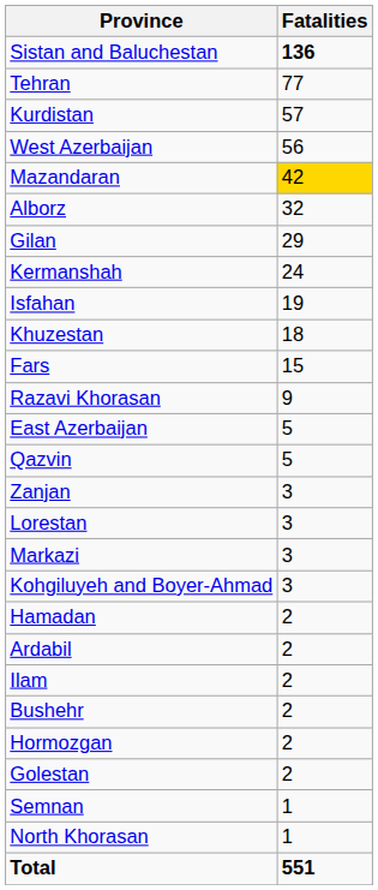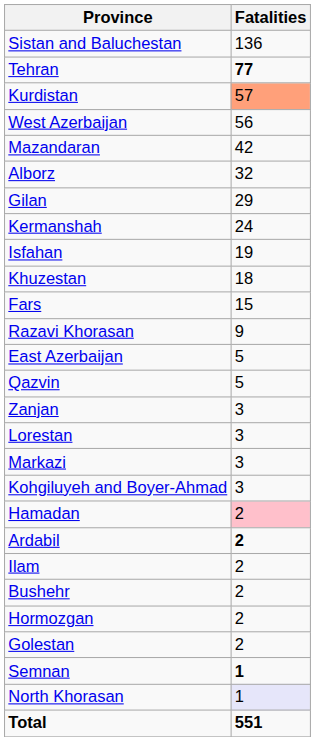 <table class="wikitable sortable mw-collapsible mw-collapsed">
 <tr>
 <th>Province</th>
 <th>Fatalities</th>
 </tr>
 <tr>
 <td><a href='#'>Sistan and Baluchestan</a></td>
-<td><strong>136</strong></td>
+<td>136</td>
 </tr>
 <tr>
 <td><a href='#'>Tehran</a></td>
-<td>77</td>
+<td><strong>77</strong></td>
 </tr>
 <tr>
 <td><a href='#'>Kurdistan</a></td>
-<td>57</td>
+<td style="background: lightsalmon;">57</td>
 </tr>
 <tr>
 <td><a href='#'>West Azerbaijan</a></td>
 <td>56</td>
 </tr>
 <tr>
 <td><a href='#'>Mazandaran</a></td>
-<td style="background: gold;">42</td>
+<td>42</td>
 </tr>
 <tr>
 <td><a href='#'>Alborz</a></td>
 <td>32</td>
 </tr>
 <tr>
 <td><a href='#'>Gilan</a></td>
 <td>29</td>
 </tr>
 <tr>
 <td><a href='#'>Kermanshah</a></td>
 <td>24</td>
 </tr>
 <tr>
 <td><a href='#'>Isfahan</a></td>
 <td>19</td>
 </tr>
 <tr>
 <td><a href='#'>Khuzestan</a></td>
 <td>18</td>
 </tr>
 <tr>
 <td><a href='#'>Fars</a></td>
 <td>15</td>
 </tr>
 <tr>
 <td><a href='#'>Razavi Khorasan</a></td>
 <td>9</td>
 </tr>
 <tr>
 <td><a href='#'>East Azerbaijan</a></td>
 <td>5</td>
 </tr>
 <tr>
 <td><a href='#'>Qazvin</a></td>
 <td>5</td>
 </tr>
 <tr>
 <td><a href='#'>Zanjan</a></td>
 <td>3</td>
 </tr>
 <tr>
 <td><a href='#'>Lorestan</a></td>
 <td>3</td>
 </tr>
 <tr>
 <td><a href='#'>Markazi</a></td>
 <td>3</td>
 </tr>
 <tr>
 <td><a href='#'>Kohgiluyeh and Boyer-Ahmad</a></td>
 <td>3</td>
 </tr>
 <tr>
 <td><a href='#'>Hamadan</a></td>
-<td>2</td>
+<td style="background: pink;">2</td>
 </tr>
 <tr>
 <td><a href='#'>Ardabil</a></td>
-<td>2</td>
+<td><strong>2</strong></td>
 </tr>
 <tr>
 <td><a href='#'>Ilam</a></td>
 <td>2</td>
 </tr>
 <tr>
 <td><a href='#'>Bushehr</a></td>
 <td>2</td>
 </tr>
 <tr>
 <td><a href='#'>Hormozgan</a></td>
 <td>2</td>
 </tr>
 <tr>
 <td><a href='#'>Golestan</a></td>
 <td>2</td>
 </tr>
 <tr>
 <td><a href='#'>Semnan</a></td>
-<td>1</td>
+<td><strong>1</strong></td>
 </tr>
 <tr>
 <td><a href='#'>North Khorasan</a></td>
-<td>1</td>
+<td style="background: lavender;">1</td>
 </tr>
 <tr>
 <td><strong>Total</strong></td>
 <td><strong>551</strong></td>
 </tr>
 </table>
